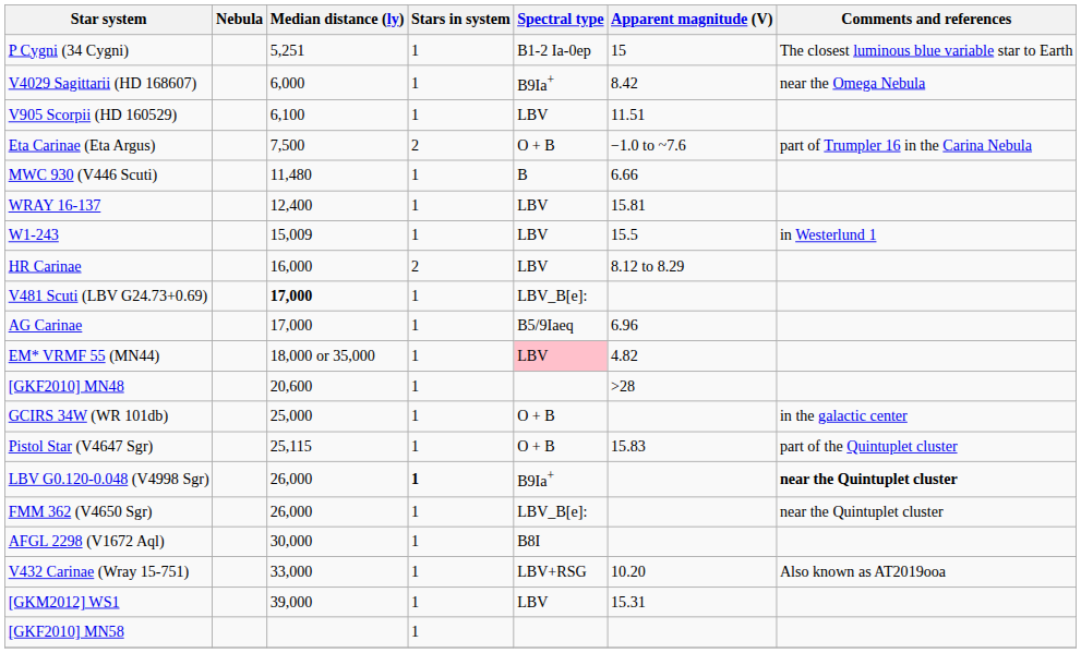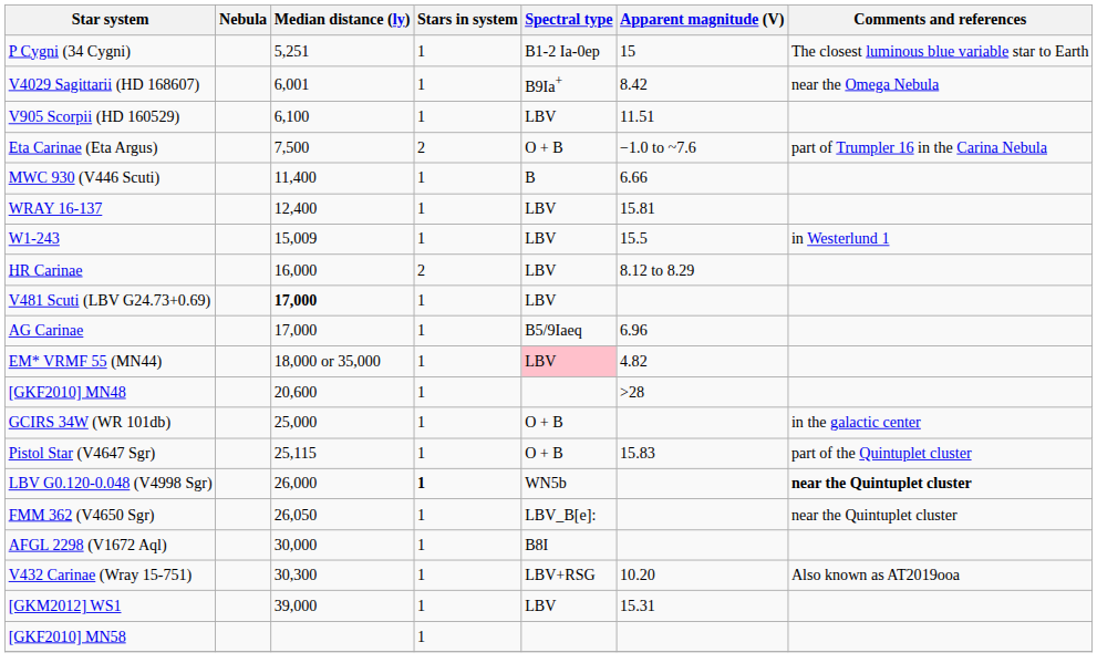 <table class="wikitable sortable" style="font-size:1.00em; line-height:1.5em; position:relative;">
 <tr>
 <th scope="col">Star system</th>
 <th>Nebula</th>
 <th scope="col">Median distance (<a href='#'>ly</a>)</th>
 <th scope="col">Stars in system</th>
 <th scope="col"><a href='#'>Spectral type</a></th>
 <th scope="col"><a href='#'>Apparent magnitude</a> (V)</th>
 <th scope="col">Comments and references</th>
 </tr>
 <tr>
 <td><a href='#'>P Cygni</a> (34 Cygni)</td>
 <td></td>
 <td>5,251</td>
 <td>1</td>
 <td style="background: ">B1-2 Ia-0ep</td>
 <td>15</td>
 <td>The closest <a href='#'>luminous blue variable</a> star to Earth</td>
 </tr>
 <tr>
 <td><a href='#'>V4029 Sagittarii</a> (HD 168607)</td>
 <td></td>
-<td>6,000</td>
+<td>6,001</td>
 <td>1</td>
 <td style="background: ">B9Ia<sup>+</sup></td>
 <td>8.42</td>
 <td> near the <a href='#'>Omega Nebula</a></td>
 </tr>
 <tr>
 <td><a href='#'>V905 Scorpii</a> (HD 160529)</td>
 <td></td>
 <td>6,100</td>
 <td>1</td>
 <td>LBV</td>
 <td>11.51</td>
 <td></td>
 </tr>
 <tr>
 <td><a href='#'>Eta Carinae</a> (Eta Argus)</td>
 <td></td>
 <td>7,500</td>
 <td>2</td>
 <td style="background: ">O + B</td>
 <td>−1.0 to ~7.6</td>
 <td>part of <a href='#'>Trumpler 16</a> in the <a href='#'>Carina Nebula</a></td>
 </tr>
 <tr>
 <td><a href='#'>MWC 930</a> (V446 Scuti)</td>
 <td></td>
-<td>11,480</td>
+<td>11,400</td>
 <td>1</td>
 <td style="background: ">B</td>
 <td>6.66</td>
 <td></td>
 </tr>
 <tr>
 <td><a href='#'>WRAY 16-137</a></td>
 <td></td>
 <td>12,400</td>
 <td>1</td>
 <td>LBV</td>
 <td>15.81</td>
 <td></td>
 </tr>
 <tr>
 <td><a href='#'>W1-243</a></td>
 <td></td>
 <td>15,009</td>
 <td>1</td>
 <td>LBV</td>
 <td>15.5</td>
 <td> in <a href='#'>Westerlund 1</a></td>
 </tr>
 <tr>
 <td><a href='#'>HR Carinae</a></td>
 <td></td>
 <td>16,000</td>
 <td>2</td>
 <td>LBV</td>
 <td>8.12 to 8.29</td>
 <td></td>
 </tr>
 <tr>
 <td><a href='#'>V481 Scuti</a> (LBV G24.73+0.69)</td>
 <td></td>
 <td><strong>17,000</strong></td>
 <td>1</td>
-<td>LBV_B[e]:</td>
+<td>LBV</td>
 <td></td>
 <td></td>
 </tr>
 <tr>
 <td><a href='#'>AG Carinae</a></td>
 <td></td>
 <td>17,000</td>
 <td>1</td>
 <td style="background: ">B5/9Iaeq</td>
 <td>6.96</td>
 <td></td>
 </tr>
 <tr>
 <td><a href='#'>EM* VRMF 55</a> (MN44)</td>
 <td></td>
 <td>18,000 or 35,000</td>
 <td>1</td>
 <td style="background: pink;">LBV</td>
 <td>4.82</td>
 <td></td>
 </tr>
 <tr>
 <td><a href='#'>[GKF2010] MN48</a></td>
 <td></td>
 <td>20,600</td>
 <td>1</td>
 <td></td>
 <td data-sort-value="28">>28</td>
 <td></td>
 </tr>
 <tr>
 <td><a href='#'>GCIRS 34W</a> (WR 101db)</td>
 <td></td>
 <td>25,000</td>
 <td>1</td>
 <td style="background: ">O + B</td>
 <td></td>
 <td> in the <a href='#'>galactic center</a></td>
 </tr>
 <tr>
 <td><a href='#'>Pistol Star</a> (V4647 Sgr)</td>
 <td></td>
 <td>25,115</td>
 <td>1</td>
 <td style="background: ">O + B</td>
 <td>15.83</td>
 <td>part of the <a href='#'>Quintuplet cluster</a></td>
 </tr>
 <tr>
 <td><a href='#'>LBV G0.120-0.048</a> (V4998 Sgr)</td>
 <td></td>
 <td>26,000</td>
 <td><strong>1</strong></td>
-<td style="background: ">B9Ia<sup>+</sup></td>
+<td style="background: ">WN5b</td>
 <td></td>
 <td><strong> near the Quintuplet cluster</strong></td>
 </tr>
 <tr>
 <td><a href='#'>FMM 362</a> (V4650 Sgr)</td>
 <td></td>
-<td>26,000</td>
+<td>26,050</td>
 <td>1</td>
 <td>LBV_B[e]:</td>
 <td></td>
 <td> near the Quintuplet cluster</td>
 </tr>
 <tr>
 <td><a href='#'>AFGL 2298</a> (V1672 Aql)</td>
 <td></td>
 <td>30,000</td>
 <td>1</td>
 <td style="background: ">B8I</td>
 <td></td>
 <td></td>
 </tr>
 <tr>
 <td><a href='#'>V432 Carinae</a> (Wray 15-751)</td>
 <td></td>
-<td>33,000</td>
+<td>30,300</td>
 <td>1</td>
 <td>LBV+RSG</td>
 <td>10.20</td>
 <td>Also known as AT2019ooa</td>
 </tr>
 <tr>
 <td><a href='#'>[GKM2012] WS1</a></td>
 <td></td>
 <td>39,000</td>
 <td>1</td>
 <td>LBV</td>
 <td>15.31</td>
 <td></td>
 </tr>
 <tr>
 <td><a href='#'>[GKF2010] MN58</a></td>
 <td></td>
 <td></td>
 <td>1</td>
 <td></td>
 <td></td>
 <td></td>
 </tr>
 <tr>
 </tr>
 </table>
